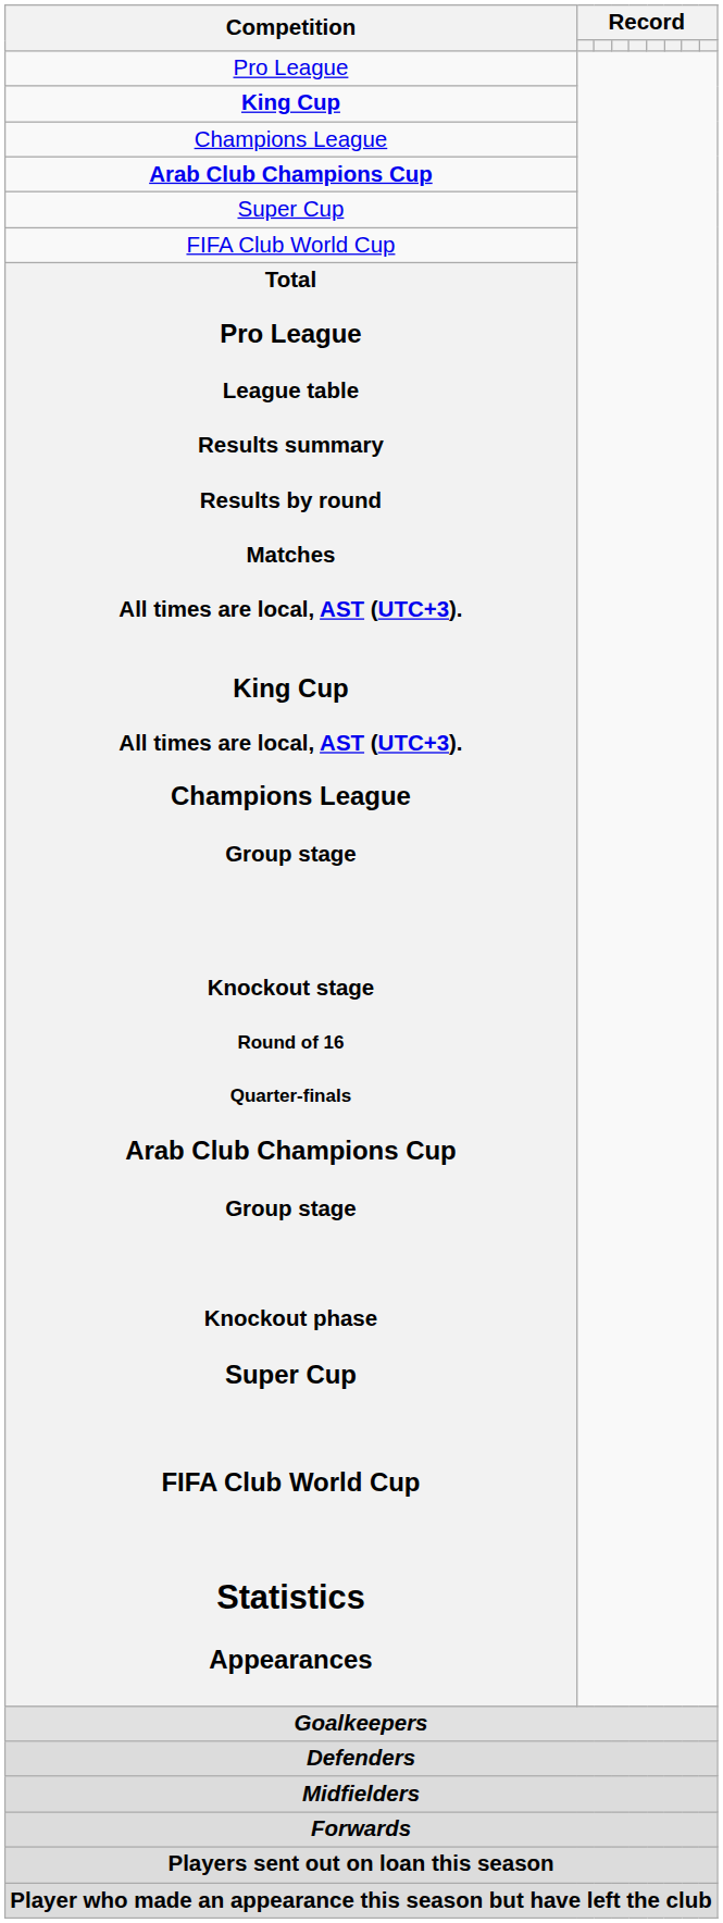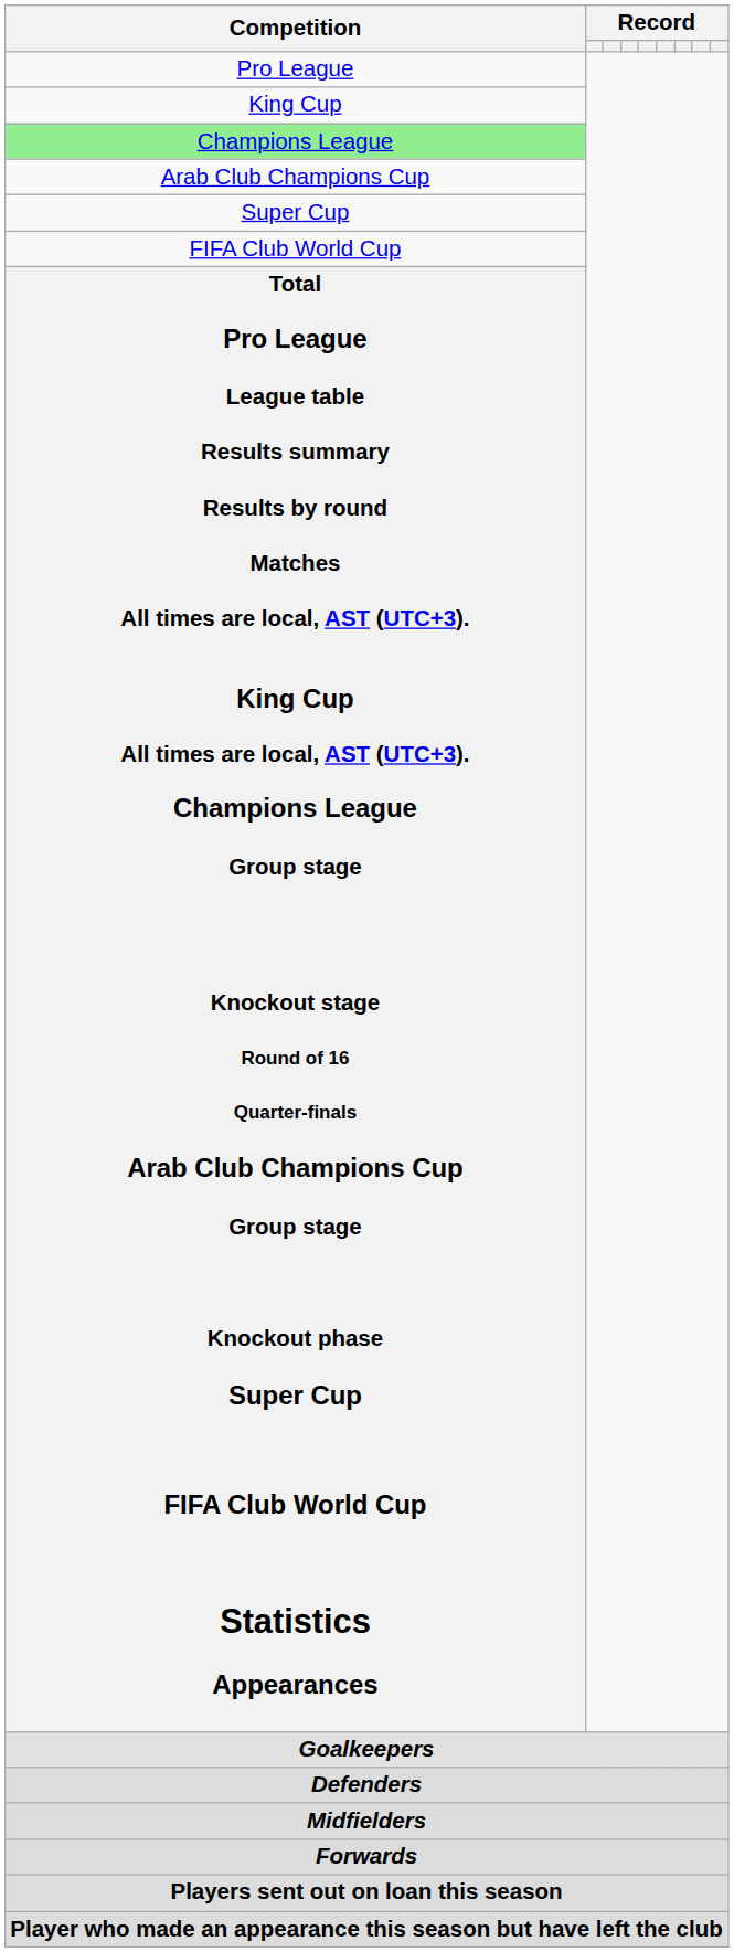 <table class="wikitable" style="text-align: center">
 <tr>
 <th rowspan=2>Competition</th>
 <th colspan=8>Record</th>
 </tr>
 <tr>
 <th></th>
 <th></th>
 <th></th>
 <th></th>
 <th></th>
 <th></th>
 <th></th>
 <th></th>
 </tr>
 <tr>
 <td><a href='#'>Pro League</a><br></td>
 </tr>
 <tr>
-<td><strong><a href='#'>King Cup</a><br></strong></td>
+<td><a href='#'>King Cup</a><br></td>
 </tr>
 <tr>
-<td><a href='#'>Champions League</a><br></td>
+<td style="background: lightgreen;"><a href='#'>Champions League</a><br></td>
 </tr>
 <tr>
-<td><strong><a href='#'>Arab Club Champions Cup</a><br></strong></td>
+<td><a href='#'>Arab Club Champions Cup</a><br></td>
 </tr>
 <tr>
 <td><a href='#'>Super Cup</a><br></td>
 </tr>
 <tr>
 <td><a href='#'>FIFA Club World Cup</a><br></td>
 </tr>
 <tr>
 <th>Total<br> <h3>Pro League</h3><h4>League table</h4><h4>Results summary</h4> <h4>Results by round</h4><h4>Matches</h4>All times are local, <a href='#'>AST</a> (<a href='#'>UTC+3</a>).<br>   <br>                                 <h3>King Cup</h3> All times are local, <a href='#'>AST</a> (<a href='#'>UTC+3</a>).<br>   <h3>Champions League</h3><h4>Group stage</h4><br><br>     <h4>Knockout stage</h4><h5>Round of 16</h5> <h5>Quarter-finals</h5> <h3>Arab Club Champions Cup</h3><h4>Group stage</h4><br>  <h4>Knockout phase</h4><h3>Super Cup</h3><br> <h3>FIFA Club World Cup</h3><br> <h2>Statistics</h2><h3>Appearances</h3></th>
 </tr>
 <tr>
 <th colspan=22 style=background:#dcdcdcdc; text-align:center><em>Goalkeepers</em><br>     </th>
 </tr>
 <tr>
 <th colspan=22 style=background:#dcdcdc; text-align:center><em>Defenders</em><br>            </th>
 </tr>
 <tr>
 <th colspan=22 style=background:#dcdcdc; text-align:center><em>Midfielders</em><br>           </th>
 </tr>
 <tr>
 <th colspan=22 style=background:#dcdcdc; text-align:center><em>Forwards</em><br>    </th>
 </tr>
 <tr>
 <th colspan=22 style=background:#dcdcdc; text-align:center>Players sent out on loan this season<br> </th>
 </tr>
 <tr>
 <th colspan=22 style=background:#dcdcdc; text-align:center>Player who made an appearance this season but have left the club<br> </th>
 </tr>
 </table>
